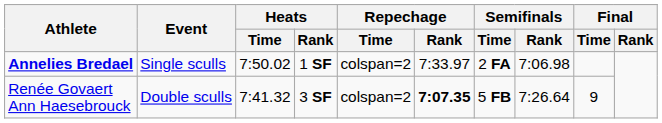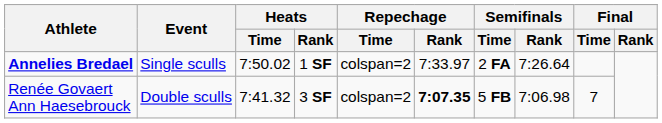 <table class="wikitable" style="font-size:90%">
 <tr>
 <th rowspan="2">Athlete</th>
 <th rowspan="2">Event</th>
 <th colspan="2">Heats</th>
 <th colspan="2">Repechage</th>
 <th colspan="2">Semifinals</th>
 <th colspan="2">Final</th>
 </tr>
 <tr style="font-size:95%">
 <th>Time</th>
 <th>Rank</th>
 <th>Time</th>
 <th>Rank</th>
 <th>Time</th>
 <th>Rank</th>
 <th>Time</th>
 <th>Rank</th>
 </tr>
 <tr align=center>
 <td align=left><strong><a href='#'>Annelies Bredael</a></strong></td>
 <td align=left><a href='#'>Single sculls</a></td>
 <td>7:50.02</td>
 <td>1 <strong>SF</strong></td>
 <td>colspan=2</td>
 <td>7:33.97</td>
 <td>2 <strong>FA</strong></td>
-<td>7:06.98</td>
+<td>7:26.64</td>
 <td></td>
 </tr>
 <tr align=center>
 <td align=left><a href='#'>Renée Govaert</a><br><a href='#'>Ann Haesebrouck</a></td>
 <td align=left><a href='#'>Double sculls</a></td>
 <td>7:41.32</td>
 <td>3 <strong>SF</strong></td>
 <td>colspan=2</td>
 <td><strong>7:07.35</strong></td>
 <td>5 <strong>FB</strong></td>
-<td>7:26.64</td>
-<td>9</td>
+<td>7:06.98</td>
+<td>7</td>
 </tr>
 </table>
